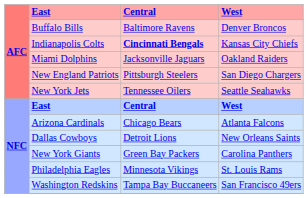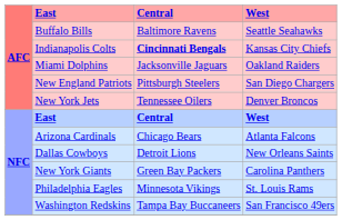 <table class="wikitable">
 <tr>
 <th rowspan="6" style="background-color: #FF7B77;"><strong><a href='#'>AFC</a></strong></th>
 <td style="background-color: #FFA7A7;"><strong><a href='#'>East</a></strong></td>
 <td style="background-color: #FFA7A7;"><strong><a href='#'>Central</a></strong></td>
 <td style="background-color: #FFA7A7;"><strong><a href='#'>West</a></strong></td>
 </tr>
 <tr>
 <td style="background-color: #FFCCCC;"><a href='#'>Buffalo Bills</a></td>
 <td style="background-color: #FFCCCC;"><a href='#'>Baltimore Ravens</a></td>
-<td style="background-color: #FFCCCC;"><a href='#'>Denver Broncos</a></td>
+<td style="background-color: #FFCCCC;"><a href='#'>Seattle Seahawks</a></td>
 </tr>
 <tr>
 <td style="background-color: #FFCCCC;"><a href='#'>Indianapolis Colts</a></td>
 <td style="background-color: #FFCCCC;"><strong><a href='#'>Cincinnati Bengals</a></strong></td>
 <td style="background-color: #FFCCCC;"><a href='#'>Kansas City Chiefs</a></td>
 </tr>
 <tr>
 <td style="background-color: #FFCCCC;"><a href='#'>Miami Dolphins</a></td>
 <td style="background-color: #FFCCCC;"><a href='#'>Jacksonville Jaguars</a></td>
 <td style="background-color: #FFCCCC;"><a href='#'>Oakland Raiders</a></td>
 </tr>
 <tr>
 <td style="background-color: #FFCCCC;"><a href='#'>New England Patriots</a></td>
 <td style="background-color: #FFCCCC;"><a href='#'>Pittsburgh Steelers</a></td>
 <td style="background-color: #FFCCCC;"><a href='#'>San Diego Chargers</a></td>
 </tr>
 <tr>
 <td style="background-color: #FFCCCC;"><a href='#'>New York Jets</a></td>
 <td style="background-color: #FFCCCC;"><a href='#'>Tennessee Oilers</a></td>
-<td style="background-color: #FFCCCC;"><a href='#'>Seattle Seahawks</a></td>
+<td style="background-color: #FFCCCC;"><a href='#'>Denver Broncos</a></td>
 </tr>
 <tr>
 <th rowspan="6" style="background-color: #99A8FF;"><strong><a href='#'>NFC</a></strong></th>
 <td style="background-color: #B7D0FF;"><strong><a href='#'>East</a></strong></td>
 <td style="background-color: #B7D0FF;"><strong><a href='#'>Central</a></strong></td>
 <td style="background-color: #B7D0FF;"><strong><a href='#'>West</a></strong></td>
 </tr>
 <tr>
 <td style="background-color: #D0E7FF;"><a href='#'>Arizona Cardinals</a></td>
 <td style="background-color: #D0E7FF;"><a href='#'>Chicago Bears</a></td>
 <td style="background-color: #D0E7FF;"><a href='#'>Atlanta Falcons</a></td>
 </tr>
 <tr>
 <td style="background-color: #D0E7FF;"><a href='#'>Dallas Cowboys</a></td>
 <td style="background-color: #D0E7FF;"><a href='#'>Detroit Lions</a></td>
 <td style="background-color: #D0E7FF;"><a href='#'>New Orleans Saints</a></td>
 </tr>
 <tr>
 <td style="background-color: #D0E7FF;"><a href='#'>New York Giants</a></td>
 <td style="background-color: #D0E7FF;"><a href='#'>Green Bay Packers</a></td>
 <td style="background-color: #D0E7FF;"><a href='#'>Carolina Panthers</a></td>
 </tr>
 <tr>
 <td style="background-color: #D0E7FF;"><a href='#'>Philadelphia Eagles</a></td>
 <td style="background-color: #D0E7FF;"><a href='#'>Minnesota Vikings</a></td>
 <td style="background-color: #D0E7FF;"><a href='#'>St. Louis Rams</a></td>
 </tr>
 <tr>
 <td style="background-color: #D0E7FF;"><a href='#'>Washington Redskins</a></td>
 <td style="background-color: #D0E7FF;"><a href='#'>Tampa Bay Buccaneers</a></td>
 <td style="background-color: #D0E7FF;"><a href='#'>San Francisco 49ers</a></td>
 </tr>
 <tr>
 </tr>
 </table>
